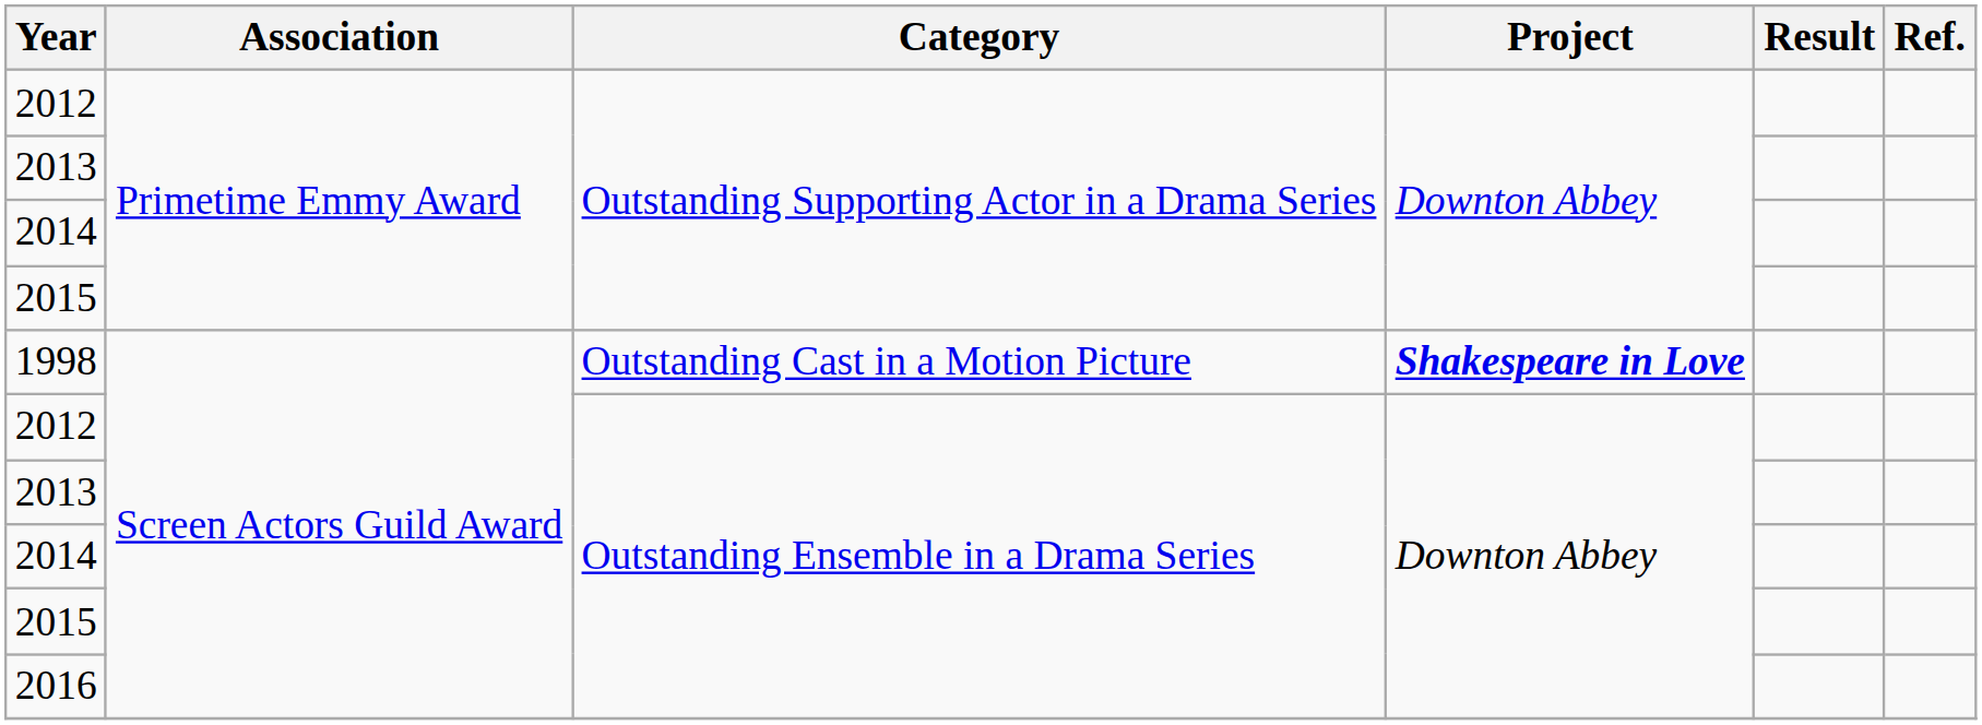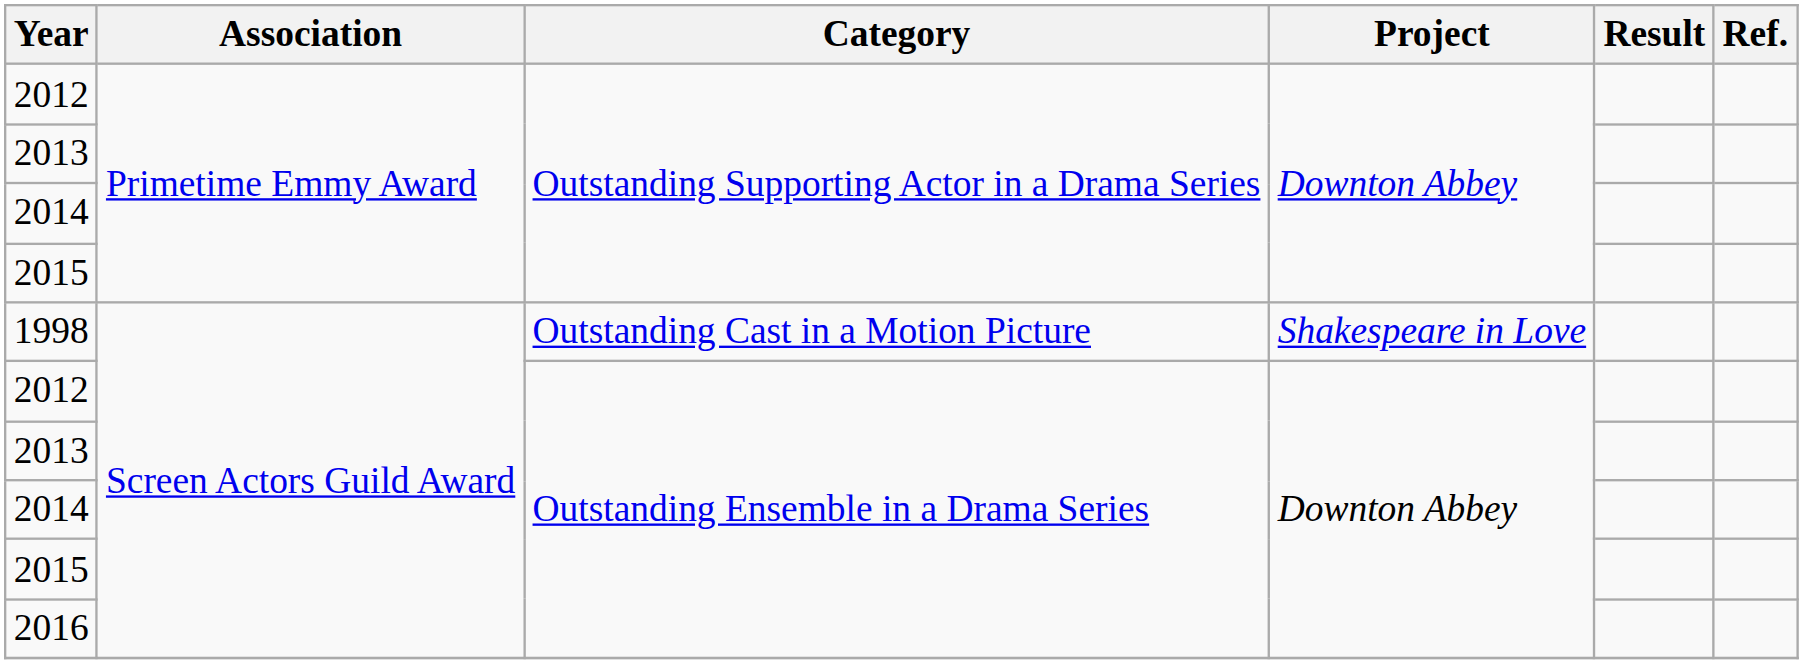 <table class="wikitable">
 <tr>
 <th>Year</th>
 <th>Association</th>
 <th>Category</th>
 <th>Project</th>
 <th>Result</th>
 <th>Ref.</th>
 </tr>
 <tr>
 <td>2012</td>
 <td rowspan=4><a href='#'>Primetime Emmy Award</a></td>
 <td rowspan=4><a href='#'>Outstanding Supporting Actor in a Drama Series</a></td>
 <td rowspan=4><em><a href='#'>Downton Abbey</a></em></td>
 <td></td>
 <td></td>
 </tr>
 <tr>
 <td>2013</td>
 <td></td>
 <td></td>
 </tr>
 <tr>
 <td>2014</td>
 <td></td>
 <td></td>
 </tr>
 <tr>
 <td>2015</td>
 <td></td>
 <td></td>
 </tr>
 <tr>
 <td>1998</td>
 <td rowspan=6><a href='#'>Screen Actors Guild Award</a></td>
 <td><a href='#'>Outstanding Cast in a Motion Picture</a></td>
-<td><strong><em><a href='#'>Shakespeare in Love</a></em></strong></td>
+<td><em><a href='#'>Shakespeare in Love</a></em></td>
 <td></td>
 <td></td>
 </tr>
 <tr>
 <td>2012</td>
 <td rowspan=5><a href='#'>Outstanding Ensemble in a Drama Series</a></td>
 <td rowspan=5><em>Downton Abbey</em></td>
 <td></td>
 <td></td>
 </tr>
 <tr>
 <td>2013</td>
 <td></td>
 <td></td>
 </tr>
 <tr>
 <td>2014</td>
 <td></td>
 <td></td>
 </tr>
 <tr>
 <td>2015</td>
 <td></td>
 <td></td>
 </tr>
 <tr>
 <td>2016</td>
 <td></td>
 <td></td>
 </tr>
 <tr>
 </tr>
 </table>
